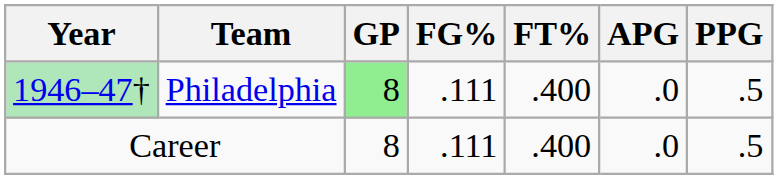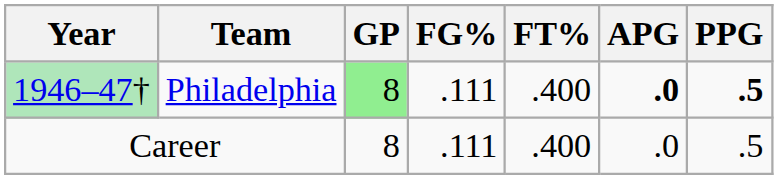 <table class="wikitable sortable" style="font-size:95%; text-align:right;">
 <tr>
 <th>Year</th>
 <th>Team</th>
 <th>GP</th>
 <th>FG%</th>
 <th>FT%</th>
 <th>APG</th>
 <th>PPG</th>
 </tr>
 <tr>
 <td style="text-align:left;background:#afe6ba;"><a href='#'>1946–47</a>†</td>
 <td style="text-align:left;"><a href='#'>Philadelphia</a></td>
 <td style="background: lightgreen;">8</td>
 <td>.111</td>
 <td>.400</td>
-<td>.0</td>
-<td>.5</td>
+<td><strong>.0</strong></td>
+<td><strong>.5</strong></td>
 </tr>
 <tr>
 <td style="text-align:center;" colspan="2">Career</td>
 <td>8</td>
 <td>.111</td>
 <td>.400</td>
 <td>.0</td>
 <td>.5</td>
 </tr>
 </table>
